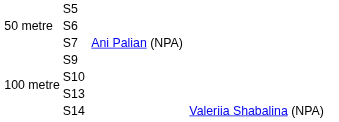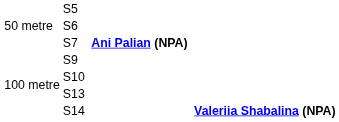 <table>
 <tr>
 <td rowspan=3>50 metre</td>
 <td>S5</td>
 <td></td>
 <td></td>
 <td></td>
 </tr>
 <tr>
 <td>S6</td>
 <td></td>
 <td></td>
 <td></td>
 </tr>
 <tr>
 <td>S7</td>
-<td><span> </span><a href='#'>Ani Palian</a> <span>(<abbr>NPA</abbr>)</span></td>
+<td><strong><span> </span><a href='#'>Ani Palian</a> <span>(<abbr>NPA</abbr>)</span></strong></td>
 <td></td>
 <td></td>
 </tr>
 <tr>
 <td rowspan=4>100 metre</td>
 <td>S9</td>
 <td></td>
 <td></td>
 <td></td>
 </tr>
 <tr>
 <td>S10</td>
 <td></td>
 <td></td>
 <td></td>
 </tr>
 <tr>
 <td>S13</td>
 <td></td>
 <td></td>
 <td></td>
 </tr>
 <tr>
 <td>S14</td>
 <td></td>
-<td><span> </span><a href='#'>Valeriia Shabalina</a> <span>(<abbr>NPA</abbr>)</span></td>
+<td><strong><span> </span><a href='#'>Valeriia Shabalina</a> <span>(<abbr>NPA</abbr>)</span></strong></td>
 <td></td>
 </tr>
 </table>
